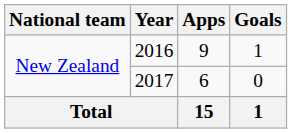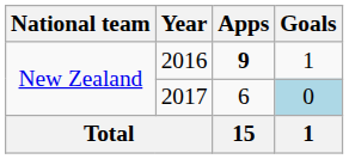 <table class=wikitable style="text-align: center;">
 <tr>
 <th>National team</th>
 <th>Year</th>
 <th>Apps</th>
 <th>Goals</th>
 </tr>
 <tr>
 <td rowspan=2><a href='#'>New Zealand</a></td>
 <td>2016</td>
-<td>9</td>
+<td><strong>9</strong></td>
 <td>1</td>
 </tr>
 <tr>
 <td>2017</td>
 <td>6</td>
-<td>0</td>
+<td style="background: lightblue;">0</td>
 </tr>
 <tr>
 <th colspan=2>Total</th>
 <th>15</th>
 <th>1</th>
 </tr>
 </table>
